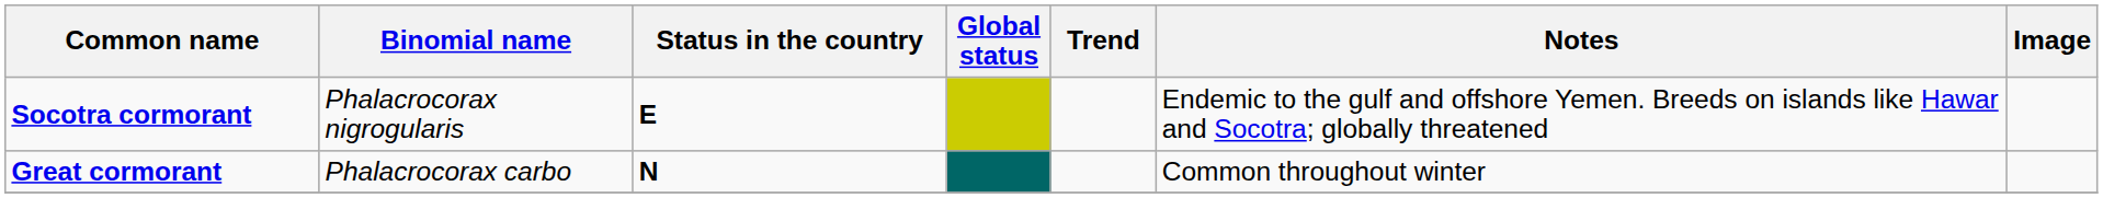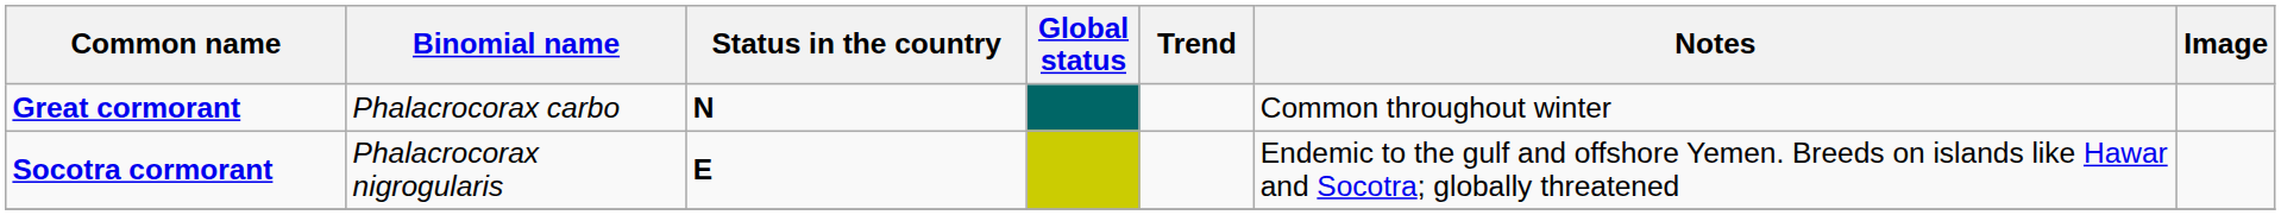 <table class="wikitable sortable">
 <tr>
 <th width="15%">Common name</th>
 <th width="15%"><a href='#'>Binomial name</a></th>
 <th data-sort-type="number" width="15%">Status in the country</th>
 <th width="5%"><a href='#'>Global status</a></th>
 <th width="5%">Trend</th>
 <th class="unsortable">Notes</th>
 <th class="unsortable">Image</th>
 </tr>
 <tr>
+<td><strong><a href='#'>Great cormorant</a></strong></td>
+<td><em>Phalacrocorax carbo</em></td>
+<td><strong>N</strong></td>
+<td align=center style="background: #006666"></td>
+<td align=center></td>
+<td>Common throughout winter</td>
+<td></td>
+</tr>
+<tr>
 <td><strong><a href='#'>Socotra cormorant</a></strong></td>
 <td><em>Phalacrocorax nigrogularis</em></td>
 <td><strong>E</strong></td>
 <td align=center style="background: #cbcc02"></td>
 <td align=center></td>
 <td>Endemic to the gulf and offshore Yemen. Breeds on islands like <a href='#'>Hawar</a> and <a href='#'>Socotra</a>; globally threatened</td>
 <td></td>
 </tr>
 <tr>
-<td><strong><a href='#'>Great cormorant</a></strong></td>
-<td><em>Phalacrocorax carbo</em></td>
-<td><strong>N</strong></td>
-<td align=center style="background: #006666"></td>
-<td align=center></td>
-<td>Common throughout winter</td>
-<td></td>
-</tr>
-<tr>
 </tr>
 </table>
